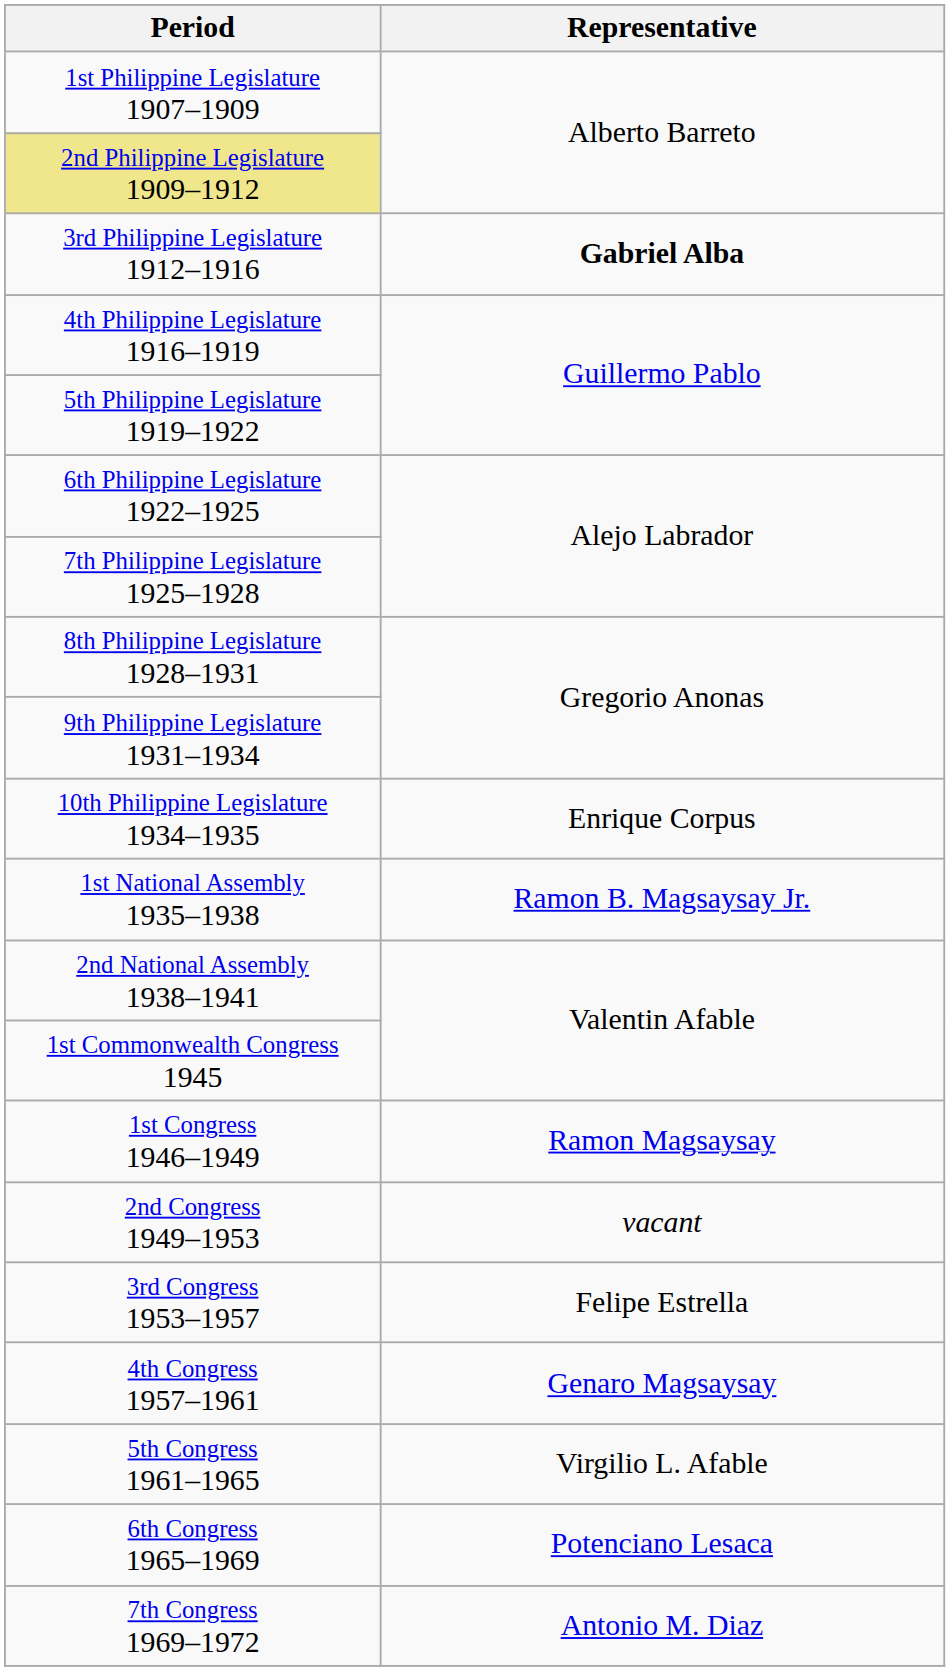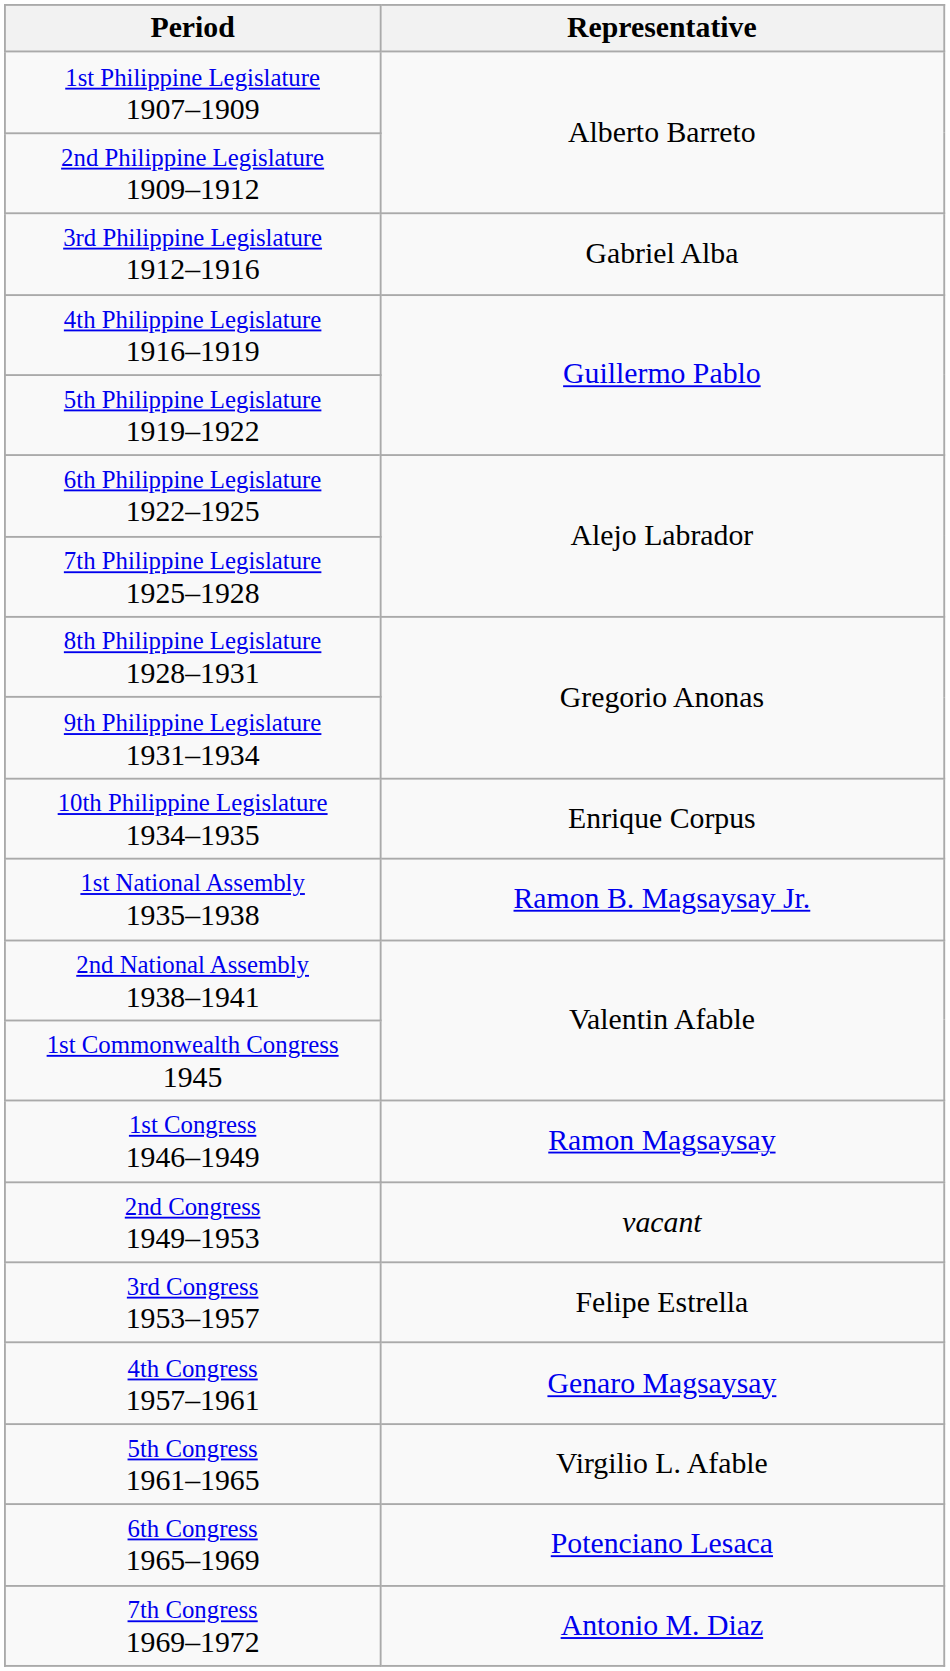 <table class="wikitable" style="text-align:center; width:40%;">
 <tr>
 <th width="40%">Period</th>
 <th>Representative</th>
 </tr>
 <tr>
 <td><small><a href='#'>1st Philippine Legislature</a></small><br>1907–1909</td>
 <td rowspan="2">Alberto Barreto</td>
 </tr>
 <tr>
-<td style="background: khaki;"><small><a href='#'>2nd Philippine Legislature</a></small><br>1909–1912</td>
+<td><small><a href='#'>2nd Philippine Legislature</a></small><br>1909–1912</td>
 </tr>
 <tr>
 <td><small><a href='#'>3rd Philippine Legislature</a></small><br>1912–1916</td>
-<td><strong>Gabriel Alba</strong></td>
+<td>Gabriel Alba</td>
 </tr>
 <tr>
 <td><small><a href='#'>4th Philippine Legislature</a></small><br>1916–1919</td>
 <td rowspan="2"><a href='#'>Guillermo Pablo</a></td>
 </tr>
 <tr>
 <td><small><a href='#'>5th Philippine Legislature</a></small><br>1919–1922</td>
 </tr>
 <tr>
 <td><small><a href='#'>6th Philippine Legislature</a></small><br>1922–1925</td>
 <td rowspan="2">Alejo Labrador</td>
 </tr>
 <tr>
 <td><small><a href='#'>7th Philippine Legislature</a></small><br>1925–1928</td>
 </tr>
 <tr>
 <td><small><a href='#'>8th Philippine Legislature</a></small><br>1928–1931</td>
 <td rowspan="2">Gregorio Anonas</td>
 </tr>
 <tr>
 <td><small><a href='#'>9th Philippine Legislature</a></small><br>1931–1934</td>
 </tr>
 <tr>
 <td><small><a href='#'>10th Philippine Legislature</a></small><br>1934–1935</td>
 <td>Enrique Corpus</td>
 </tr>
 <tr>
 <td><small><a href='#'>1st National Assembly</a></small><br>1935–1938</td>
 <td><a href='#'>Ramon B. Magsaysay Jr.</a></td>
 </tr>
 <tr>
 <td><small><a href='#'>2nd National Assembly</a></small><br>1938–1941</td>
 <td rowspan=2>Valentin Afable</td>
 </tr>
 <tr>
 <td><small><a href='#'>1st Commonwealth Congress</a></small><br>1945</td>
 </tr>
 <tr>
 <td><small><a href='#'>1st Congress</a></small><br>1946–1949</td>
 <td rowspan="2"><a href='#'>Ramon Magsaysay</a></td>
 </tr>
 <tr>
 <td rowspan="2"><small><a href='#'>2nd Congress</a></small><br>1949–1953</td>
 </tr>
 <tr>
 <td><em>vacant</em></td>
 </tr>
 <tr>
 <td><small><a href='#'>3rd Congress</a></small><br>1953–1957</td>
 <td>Felipe Estrella</td>
 </tr>
 <tr>
 <td><small><a href='#'>4th Congress</a></small><br>1957–1961</td>
 <td><a href='#'>Genaro Magsaysay</a></td>
 </tr>
 <tr>
 <td><small><a href='#'>5th Congress</a></small><br>1961–1965</td>
 <td>Virgilio L. Afable</td>
 </tr>
 <tr>
 <td><small><a href='#'>6th Congress</a></small><br>1965–1969</td>
 <td><a href='#'>Potenciano Lesaca</a></td>
 </tr>
 <tr>
 <td><small><a href='#'>7th Congress</a></small><br>1969–1972</td>
 <td><a href='#'>Antonio M. Diaz</a></td>
 </tr>
 </table>
